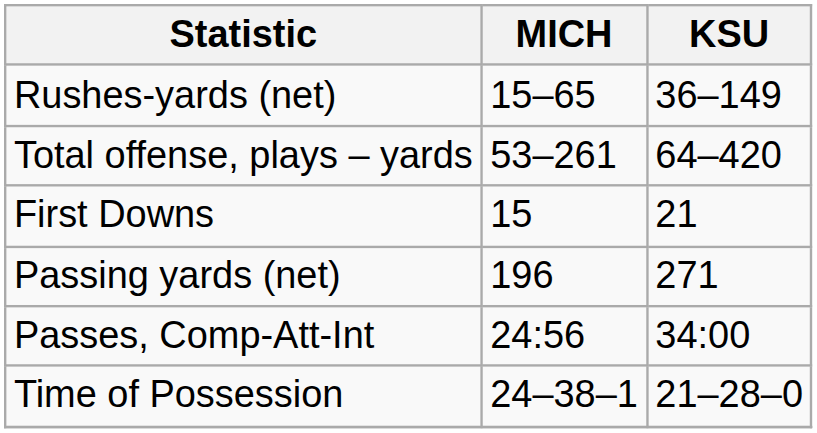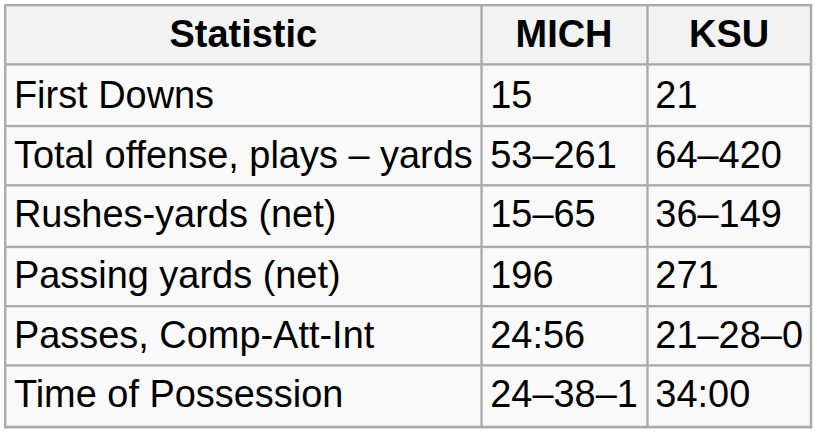 <table class="wikitable">
 <tr>
 <th>Statistic</th>
 <th><strong>MICH</strong></th>
 <th><strong>KSU</strong></th>
 </tr>
 <tr>
-<td>Rushes-yards (net)</td>
-<td>15–65</td>
-<td>36–149</td>
+<td>First Downs</td>
+<td>15</td>
+<td>21</td>
 </tr>
 <tr>
 <td>Total offense, plays – yards</td>
 <td>53–261</td>
 <td>64–420</td>
 </tr>
 <tr>
-<td>First Downs</td>
-<td>15</td>
-<td>21</td>
+<td>Rushes-yards (net)</td>
+<td>15–65</td>
+<td>36–149</td>
 </tr>
 <tr>
 <td>Passing yards (net)</td>
 <td>196</td>
 <td>271</td>
 </tr>
 <tr>
 <td>Passes, Comp-Att-Int</td>
 <td>24:56</td>
-<td>34:00</td>
+<td>21–28–0</td>
 </tr>
 <tr>
 <td>Time of Possession</td>
 <td>24–38–1</td>
-<td>21–28–0</td>
+<td>34:00</td>
 </tr>
 <tr>
 </tr>
 </table>
